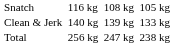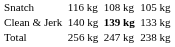 <table>
 <tr>
 <td>Snatch</td>
 <td></td>
 <td>116 kg</td>
 <td></td>
 <td>108 kg</td>
 <td></td>
 <td>105 kg</td>
 </tr>
 <tr>
 <td>Clean & Jerk</td>
 <td></td>
 <td>140 kg</td>
 <td></td>
-<td>139 kg</td>
+<td><strong>139 kg</strong></td>
 <td></td>
 <td>133 kg</td>
 </tr>
 <tr>
 <td>Total</td>
 <td></td>
 <td>256 kg</td>
 <td></td>
 <td>247 kg</td>
 <td></td>
 <td>238 kg</td>
 </tr>
 </table>
